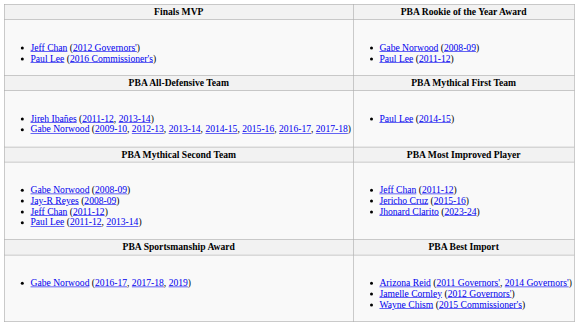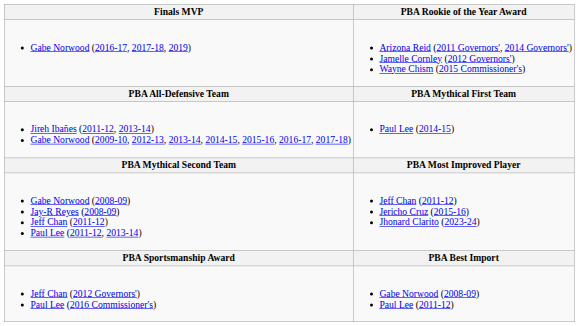 <table class=wikitable>
 <tr>
 <th>Finals MVP</th>
 <th>PBA Rookie of the Year Award</th>
 </tr>
 <tr>
-<td valign="top"><br><ul><li><a href='#'>Jeff Chan</a> (<a href='#'>2012 Governors'</a>)</li><li><a href='#'>Paul Lee</a> (<a href='#'>2016 Commissioner's</a>)</li></ul></td>
-<td valign="top"><br><ul><li><a href='#'>Gabe Norwood</a> (<a href='#'>2008-09</a>)</li><li><a href='#'>Paul Lee</a> (<a href='#'>2011-12</a>)</li></ul></td>
+<td valign="top"><br><ul><li><a href='#'>Gabe Norwood</a> (<a href='#'>2016-17</a>, <a href='#'>2017-18</a>, <a href='#'>2019</a>)</li></ul></td>
+<td valign="top"><br><ul><li><a href='#'>Arizona Reid</a> (<a href='#'>2011 Governors'</a>, <a href='#'>2014 Governors'</a>)</li><li><a href='#'>Jamelle Cornley</a> (<a href='#'>2012 Governors'</a>)</li><li><a href='#'>Wayne Chism</a> (<a href='#'>2015 Commissioner's</a>)</li></ul></td>
 </tr>
 <tr>
 <th>PBA All-Defensive Team</th>
 <th>PBA Mythical First Team</th>
 </tr>
 <tr>
 <td valign="top"><br><ul><li><a href='#'>Jireh Ibañes</a> (<a href='#'>2011-12</a>, <a href='#'>2013-14</a>)</li><li><a href='#'>Gabe Norwood</a> (<a href='#'>2009-10</a>, <a href='#'>2012-13</a>, <a href='#'>2013-14</a>, <a href='#'>2014-15</a>, <a href='#'>2015-16</a>, <a href='#'>2016-17</a>, <a href='#'>2017-18</a>)</li></ul></td>
 <td valign="top"><br><ul><li><a href='#'>Paul Lee</a> (<a href='#'>2014-15</a>)</li></ul></td>
 </tr>
 <tr>
 <th>PBA Mythical Second Team</th>
 <th>PBA Most Improved Player</th>
 </tr>
 <tr>
 <td valign="top"><br><ul><li><a href='#'>Gabe Norwood</a> (<a href='#'>2008-09</a>)</li><li><a href='#'>Jay-R Reyes</a> (<a href='#'>2008-09</a>)</li><li><a href='#'>Jeff Chan</a> (<a href='#'>2011-12</a>)</li><li><a href='#'>Paul Lee</a> (<a href='#'>2011-12</a>, <a href='#'>2013-14</a>)</li></ul></td>
 <td valign="top"><br><ul><li><a href='#'>Jeff Chan</a> (<a href='#'>2011-12</a>)</li><li><a href='#'>Jericho Cruz</a> (<a href='#'>2015-16</a>)</li><li><a href='#'>Jhonard Clarito</a> (<a href='#'>2023-24</a>)</li></ul></td>
 </tr>
 <tr>
 <th>PBA Sportsmanship Award</th>
 <th>PBA Best Import</th>
 </tr>
 <tr>
-<td valign="top"><br><ul><li><a href='#'>Gabe Norwood</a> (<a href='#'>2016-17</a>, <a href='#'>2017-18</a>, <a href='#'>2019</a>)</li></ul></td>
-<td valign="top"><br><ul><li><a href='#'>Arizona Reid</a> (<a href='#'>2011 Governors'</a>, <a href='#'>2014 Governors'</a>)</li><li><a href='#'>Jamelle Cornley</a> (<a href='#'>2012 Governors'</a>)</li><li><a href='#'>Wayne Chism</a> (<a href='#'>2015 Commissioner's</a>)</li></ul></td>
+<td valign="top"><br><ul><li><a href='#'>Jeff Chan</a> (<a href='#'>2012 Governors'</a>)</li><li><a href='#'>Paul Lee</a> (<a href='#'>2016 Commissioner's</a>)</li></ul></td>
+<td valign="top"><br><ul><li><a href='#'>Gabe Norwood</a> (<a href='#'>2008-09</a>)</li><li><a href='#'>Paul Lee</a> (<a href='#'>2011-12</a>)</li></ul></td>
 </tr>
 </table>
